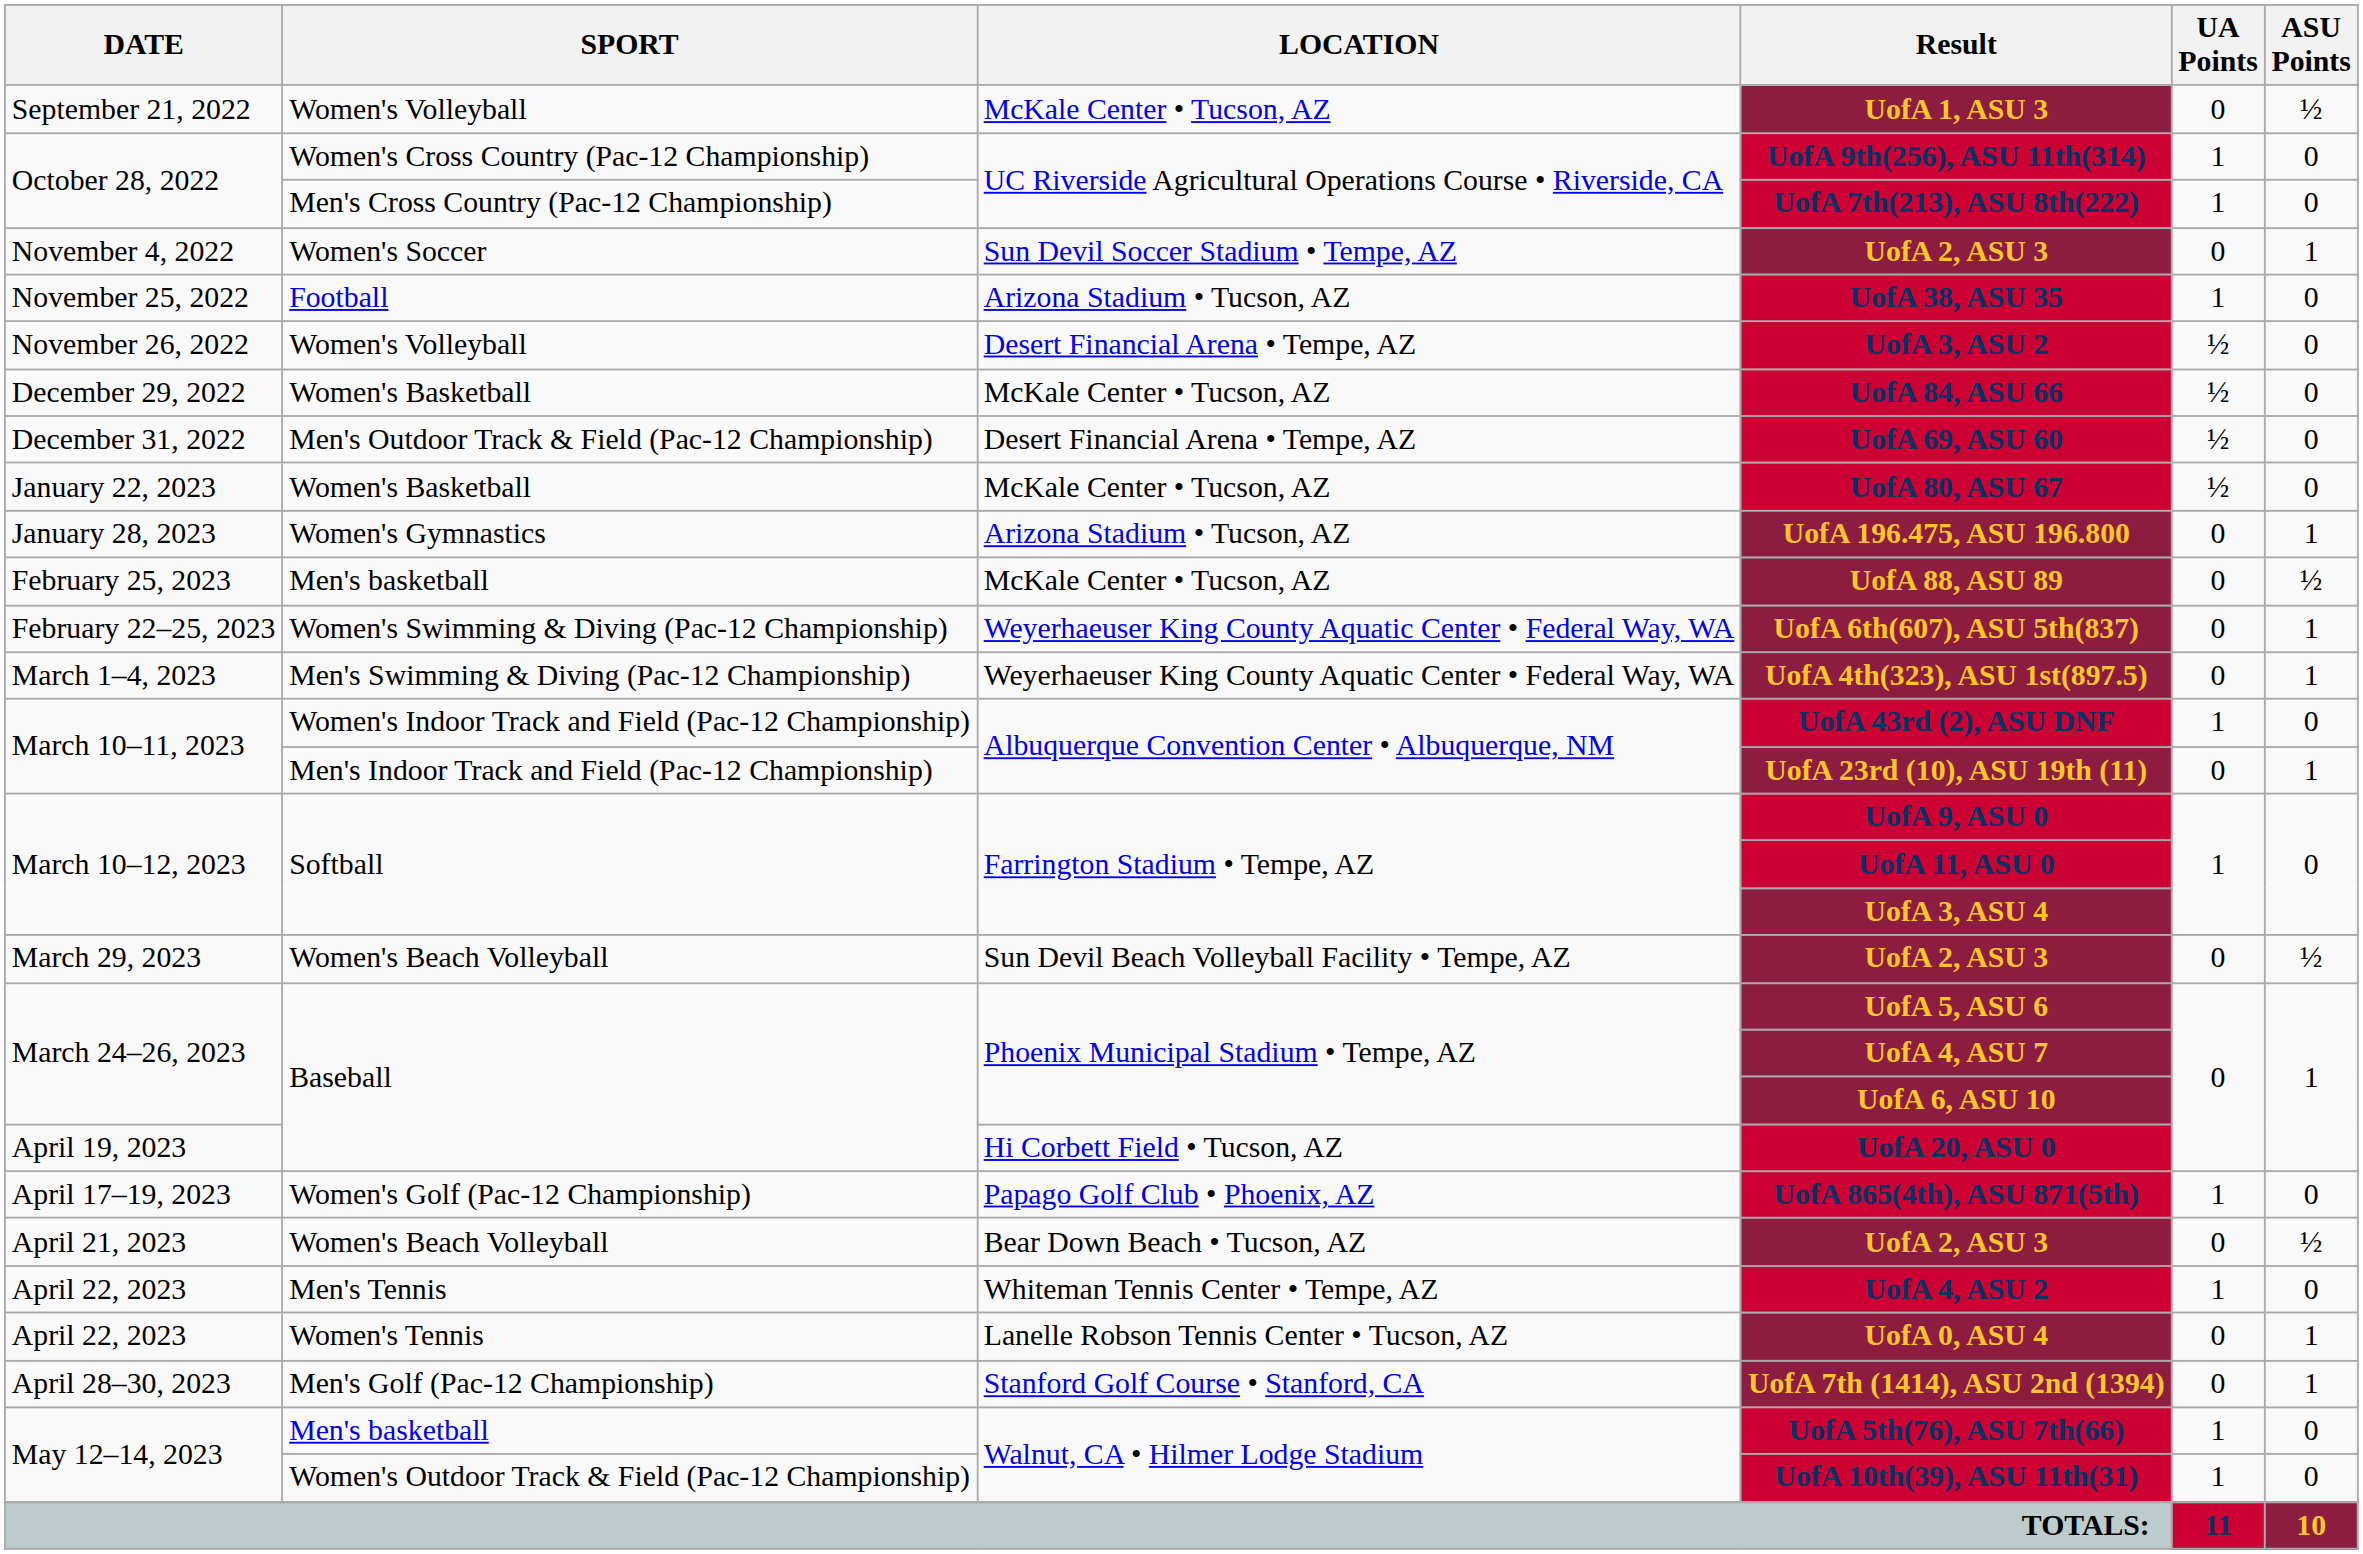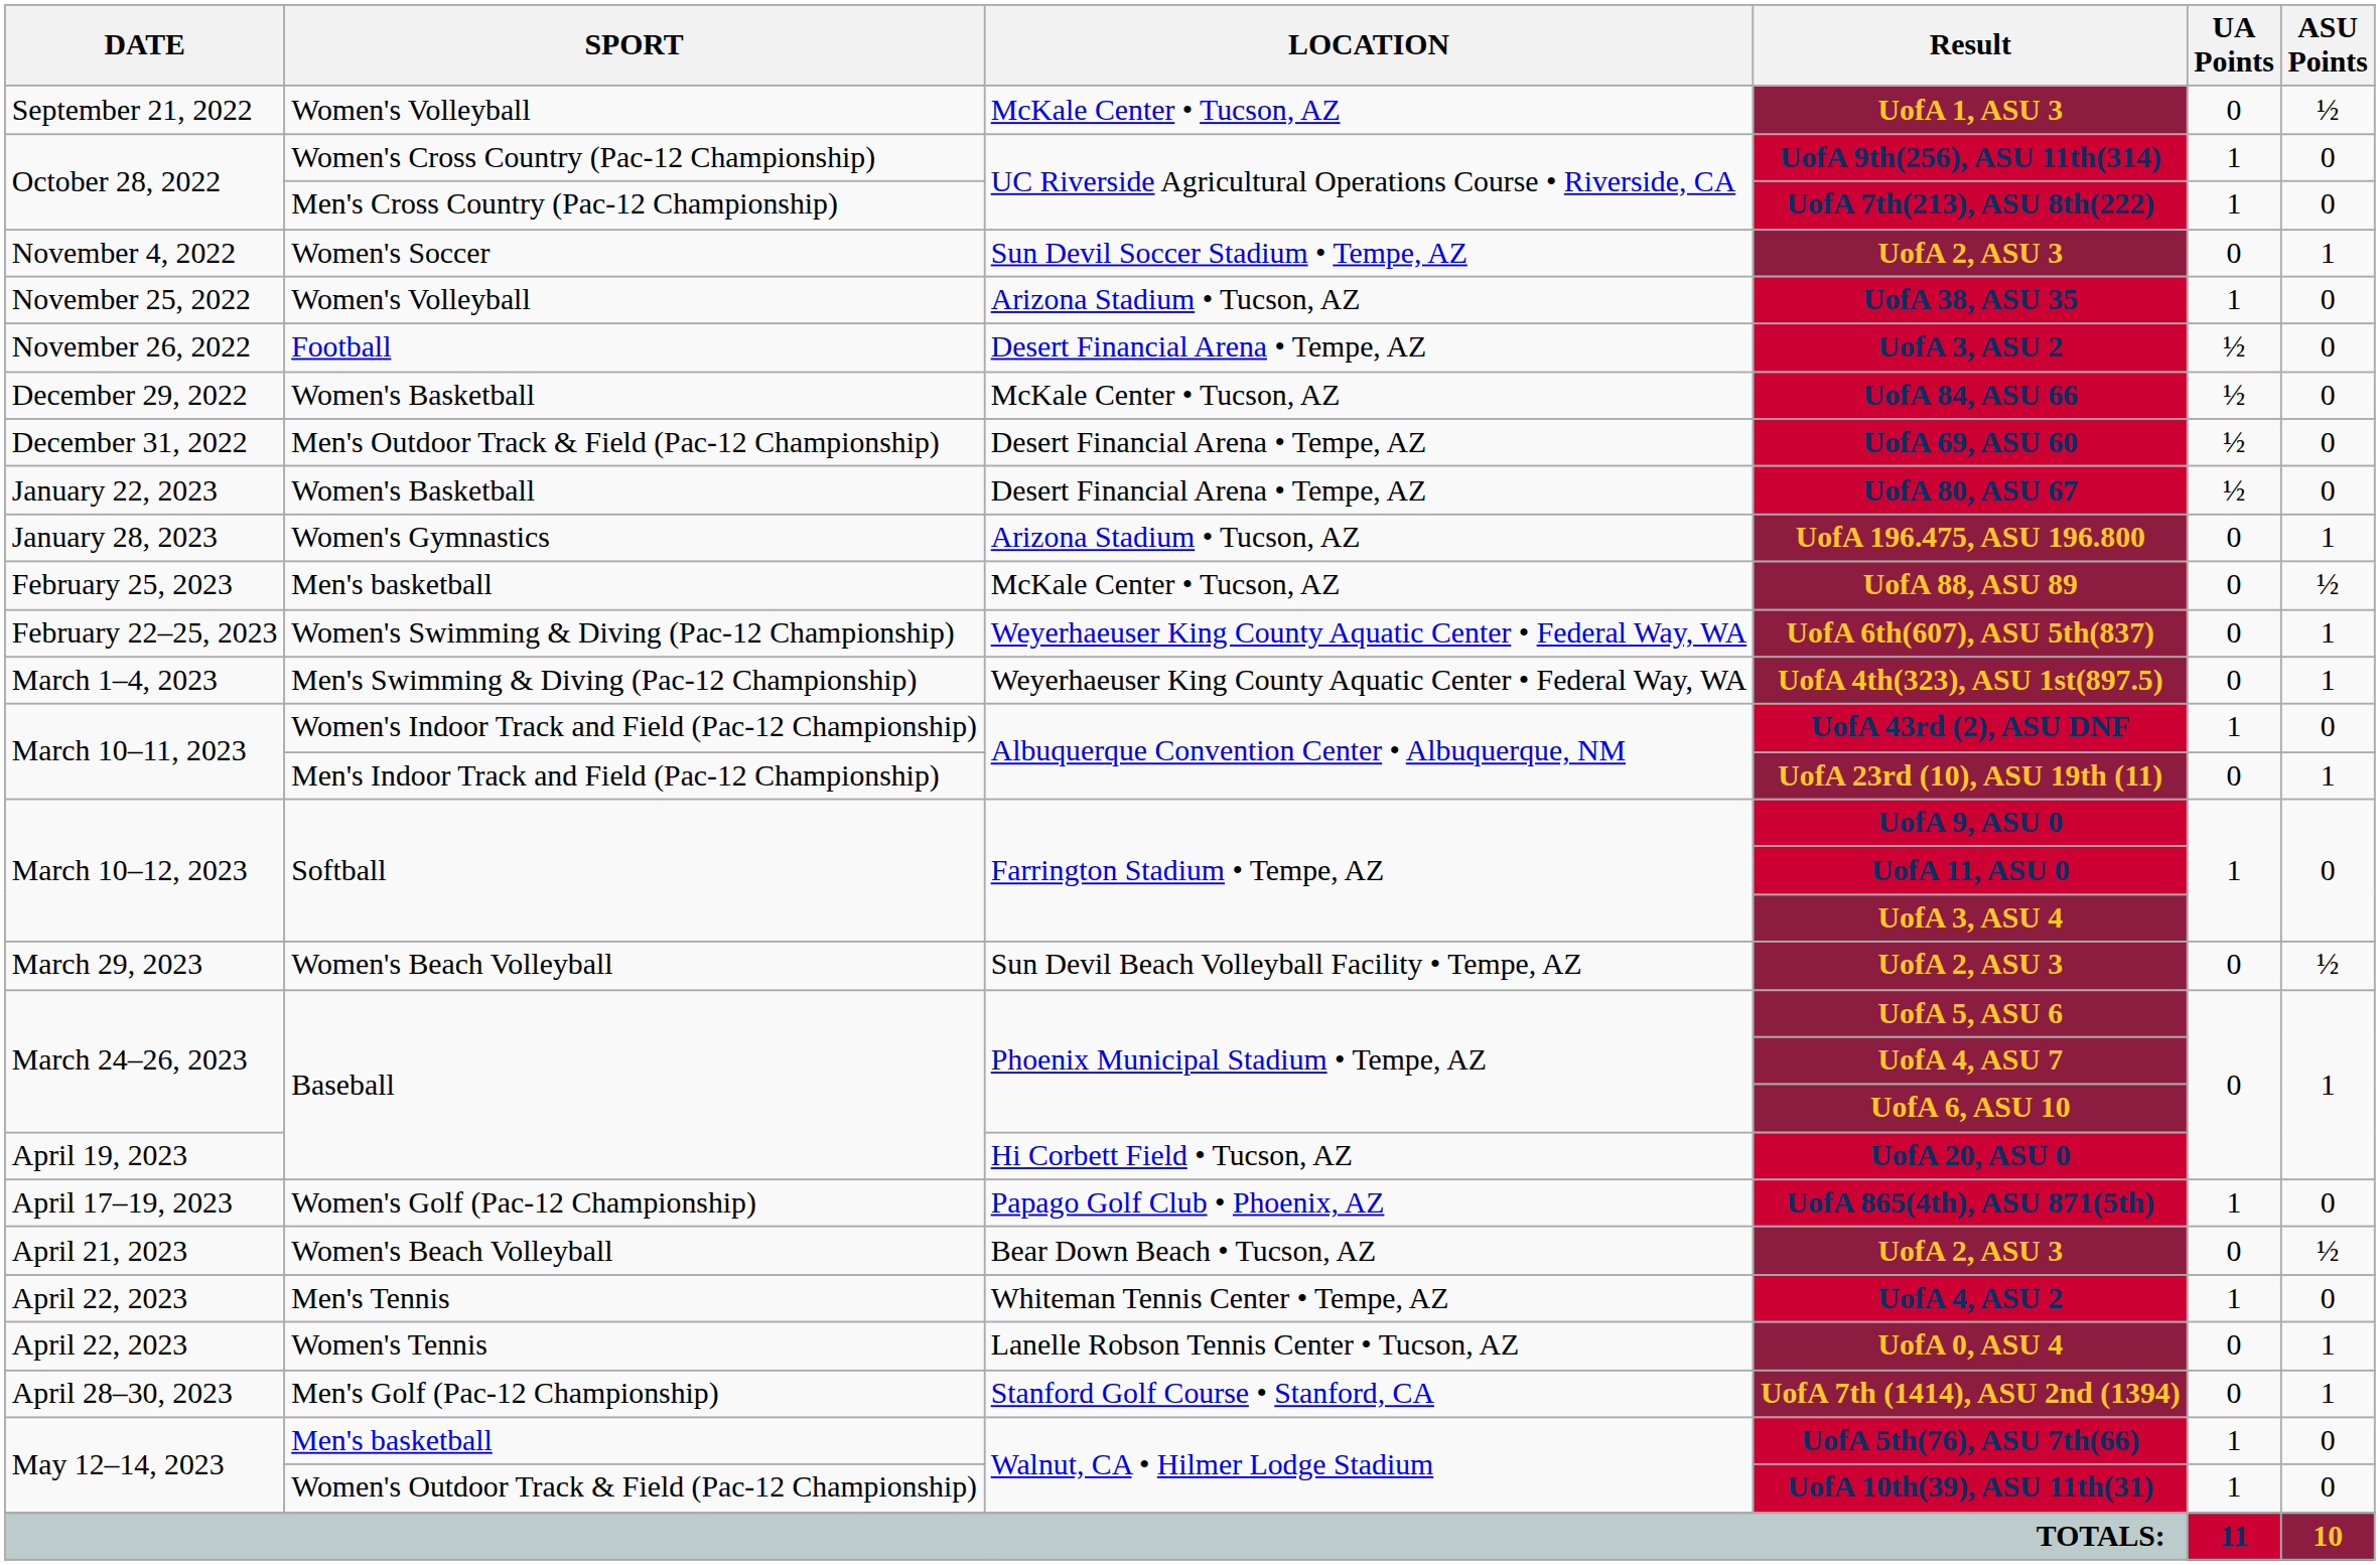 <table class=wikitable>
 <tr>
 <th>DATE</th>
 <th>SPORT</th>
 <th>LOCATION</th>
 <th>Result</th>
 <th>UA<br>Points</th>
 <th>ASU<br>Points</th>
 </tr>
 <tr>
 <td>September 21, 2022</td>
 <td>Women's Volleyball</td>
 <td><a href='#'>McKale Center</a> • <a href='#'>Tucson, AZ</a></td>
 <th style="background:#8C1D40; color:#FFC627;">UofA 1, ASU 3</th>
 <td align="center">0</td>
 <td align="center">½</td>
 </tr>
 <tr>
 <td rowspan=2>October 28, 2022</td>
 <td>Women's Cross Country (Pac-12 Championship)</td>
 <td rowspan=2><a href='#'>UC Riverside</a> Agricultural Operations Course • <a href='#'>Riverside, CA</a></td>
 <th style="background:#CC0033; color:#003366;">UofA 9th(256), ASU 11th(314)</th>
 <td align="center">1</td>
 <td align="center">0</td>
 </tr>
 <tr>
 <td>Men's Cross Country (Pac-12 Championship)</td>
 <th style="background:#CC0033; color:#003366;">UofA 7th(213), ASU 8th(222)</th>
 <td align="center">1</td>
 <td align="center">0</td>
 </tr>
 <tr>
 <td>November 4, 2022</td>
 <td>Women's Soccer</td>
 <td><a href='#'>Sun Devil Soccer Stadium</a> • <a href='#'>Tempe, AZ</a></td>
 <th style="background:#8C1D40; color:#FFC627;">UofA 2, ASU 3</th>
 <td align="center">0</td>
 <td align="center">1</td>
 </tr>
 <tr>
 <td>November 25, 2022</td>
-<td><a href='#'>Football</a></td>
+<td>Women's Volleyball</td>
 <td><a href='#'>Arizona Stadium</a> • Tucson, AZ</td>
 <th style="background:#CC0033; color:#003366;">UofA 38, ASU 35</th>
 <td align="center">1</td>
 <td align="center">0</td>
 </tr>
 <tr>
 <td>November 26, 2022</td>
-<td>Women's Volleyball</td>
+<td><a href='#'>Football</a></td>
 <td><a href='#'>Desert Financial Arena</a> • Tempe, AZ</td>
 <th style="background:#CC0033; color:#003366;">UofA 3, ASU 2</th>
 <td align="center">½</td>
 <td align="center">0</td>
 </tr>
 <tr>
 <td>December 29, 2022</td>
 <td>Women's Basketball</td>
 <td>McKale Center • Tucson, AZ</td>
 <th style="background:#CC0033; color:#003366;">UofA 84, ASU 66</th>
 <td align="center">½</td>
 <td align="center">0</td>
 </tr>
 <tr>
 <td>December 31, 2022</td>
 <td>Men's Outdoor Track & Field (Pac-12 Championship)</td>
 <td>Desert Financial Arena • Tempe, AZ</td>
 <th style="background:#CC0033; color:#003366;">UofA 69, ASU 60</th>
 <td align="center">½</td>
 <td align="center">0</td>
 </tr>
 <tr>
 <td>January 22, 2023</td>
 <td>Women's Basketball</td>
-<td>McKale Center • Tucson, AZ</td>
+<td>Desert Financial Arena • Tempe, AZ</td>
 <th style="background:#CC0033; color:#003366;">UofA 80, ASU 67</th>
 <td align="center">½</td>
 <td align="center">0</td>
 </tr>
 <tr>
 <td>January 28, 2023</td>
 <td>Women's Gymnastics</td>
 <td><a href='#'>Arizona Stadium</a> • Tucson, AZ</td>
 <th style="background:#8C1D40; color:#FFC627;">UofA 196.475, ASU 196.800</th>
 <td align="center">0</td>
 <td align="center">1</td>
 </tr>
 <tr>
 <td>February 25, 2023</td>
 <td>Men's basketball</td>
 <td>McKale Center • Tucson, AZ</td>
 <th style="background:#8C1D40; color:#FFC627;">UofA 88, ASU 89</th>
 <td align="center">0</td>
 <td align="center">½</td>
 </tr>
 <tr>
 <td>February 22–25, 2023</td>
 <td>Women's Swimming & Diving (Pac-12 Championship)</td>
 <td><a href='#'>Weyerhaeuser King County Aquatic Center</a> • <a href='#'>Federal Way, WA</a></td>
 <th style="background:#8C1D40; color:#FFC627;">UofA 6th(607), ASU 5th(837)</th>
 <td align="center">0</td>
 <td align="center">1</td>
 </tr>
 <tr>
 <td>March 1–4, 2023</td>
 <td>Men's Swimming & Diving (Pac-12 Championship)</td>
 <td>Weyerhaeuser King County Aquatic Center • Federal Way, WA</td>
 <th style="background:#8C1D40; color:#FFC627;">UofA 4th(323), ASU 1st(897.5)</th>
 <td align="center">0</td>
 <td align="center">1</td>
 </tr>
 <tr>
 <td rowspan=2>March 10–11, 2023</td>
 <td>Women's Indoor Track and Field (Pac-12 Championship)</td>
 <td rowspan=2><a href='#'>Albuquerque Convention Center</a> • <a href='#'>Albuquerque, NM</a></td>
 <th style="background:#CC0033; color:#003366;">UofA 43rd (2), ASU DNF</th>
 <td align="center">1</td>
 <td align="center">0</td>
 </tr>
 <tr>
 <td>Men's Indoor Track and Field (Pac-12 Championship)</td>
 <th style="background:#8C1D40; color:#FFC627;">UofA 23rd (10), ASU 19th (11)</th>
 <td align="center">0</td>
 <td align="center">1</td>
 </tr>
 <tr>
 <td rowspan="3">March 10–12, 2023</td>
 <td rowspan="3">Softball</td>
 <td rowspan="3"><a href='#'>Farrington Stadium</a> • Tempe, AZ</td>
 <th style="background:#CC0033; color:#003366;">UofA 9, ASU 0</th>
 <td rowspan="3" align="center">1</td>
 <td rowspan="3" align="center">0</td>
 </tr>
 <tr>
 <th style="background:#CC0033; color:#003366;">UofA 11, ASU 0</th>
 </tr>
 <tr>
 <th style="background:#8C1D40; color:#FFC627;">UofA 3, ASU 4</th>
 </tr>
 <tr>
 <td>March 29, 2023</td>
 <td>Women's Beach Volleyball</td>
 <td>Sun Devil Beach Volleyball Facility • Tempe, AZ</td>
 <th style="background:#8C1D40; color:#FFC627;">UofA 2, ASU 3</th>
 <td align="center">0</td>
 <td align="center">½</td>
 </tr>
 <tr>
 <td rowspan="3">March 24–26, 2023</td>
 <td rowspan=4>Baseball</td>
 <td rowspan="3"><a href='#'>Phoenix Municipal Stadium</a> • Tempe, AZ</td>
 <th style="background:#8C1D40; color:#FFC627;">UofA 5, ASU 6</th>
 <td rowspan="4" align="center">0</td>
 <td rowspan="4" align="center">1</td>
 </tr>
 <tr>
 <th style="background:#8C1D40; color:#FFC627;">UofA 4, ASU 7</th>
 </tr>
 <tr>
 <th style="background:#8C1D40; color:#FFC627;">UofA 6, ASU 10</th>
 </tr>
 <tr>
 <td>April 19, 2023</td>
 <td><a href='#'>Hi Corbett Field</a> • Tucson, AZ</td>
 <th style="background:#CC0033; color:#003366;">UofA 20, ASU 0</th>
 </tr>
 <tr>
 <td>April 17–19, 2023</td>
 <td>Women's Golf (Pac-12 Championship)</td>
 <td><a href='#'>Papago Golf Club</a> • <a href='#'>Phoenix, AZ</a></td>
 <th style="background:#CC0033; color:#003366;">UofA 865(4th), ASU 871(5th)</th>
 <td align="center">1</td>
 <td align="center">0</td>
 </tr>
 <tr>
 <td>April 21, 2023</td>
 <td>Women's Beach Volleyball</td>
 <td>Bear Down Beach • Tucson, AZ</td>
 <th style="background:#8C1D40; color:#FFC627;">UofA 2, ASU 3</th>
 <td align="center">0</td>
 <td align="center">½</td>
 </tr>
 <tr>
 <td>April 22, 2023</td>
 <td>Men's Tennis</td>
 <td>Whiteman Tennis Center • Tempe, AZ</td>
 <th style="background:#CC0033; color:#003366;">UofA 4, ASU 2</th>
 <td align="center">1</td>
 <td align="center">0</td>
 </tr>
 <tr>
 <td>April 22, 2023</td>
 <td>Women's Tennis</td>
 <td>Lanelle Robson Tennis Center • Tucson, AZ</td>
 <th style="background:#8C1D40; color:#FFC627;">UofA 0, ASU 4</th>
 <td align="center">0</td>
 <td align="center">1</td>
 </tr>
 <tr>
 <td>April 28–30, 2023</td>
 <td>Men's Golf (Pac-12 Championship)</td>
 <td><a href='#'>Stanford Golf Course</a> • <a href='#'>Stanford, CA</a></td>
 <th style="background:#8C1D40; color:#FFC627;">UofA 7th (1414), ASU 2nd (1394)</th>
 <td align="center">0</td>
 <td align="center">1</td>
 </tr>
 <tr>
 <td rowspan=2>May 12–14, 2023</td>
 <td><a href='#'>Men's basketball</a></td>
 <td rowspan=2><a href='#'>Walnut, CA</a>  • <a href='#'>Hilmer Lodge Stadium</a></td>
 <th style="background:#CC0033; color:#003366;">UofA 5th(76), ASU 7th(66)</th>
 <td align="center">1</td>
 <td align="center">0</td>
 </tr>
 <tr>
 <td>Women's Outdoor Track & Field (Pac-12 Championship)</td>
 <th style="background:#CC0033; color:#003366;">UofA 10th(39), ASU 11th(31)</th>
 <td align="center">1</td>
 <td align="center">0</td>
 </tr>
 <tr>
 </tr>
 <tr style="background:#bccccc;">
 <td colspan="4" style="text-align:right;"><strong>TOTALS:</strong>  </td>
 <th style="background:#CC0033; color:#003366;">11</th>
 <th style="background:#8C1D40; color:#FFC627;">10</th>
 </tr>
 </table>
